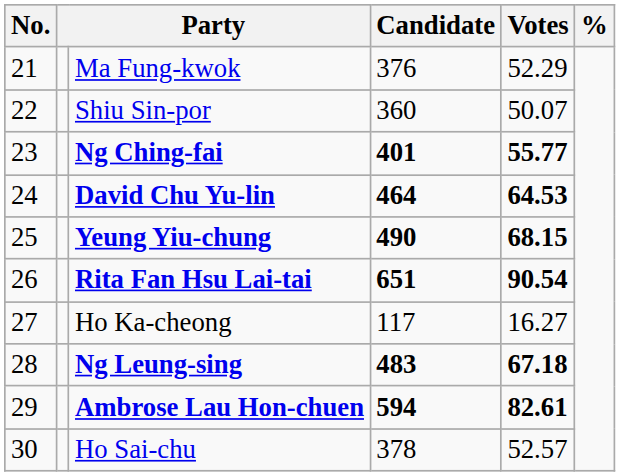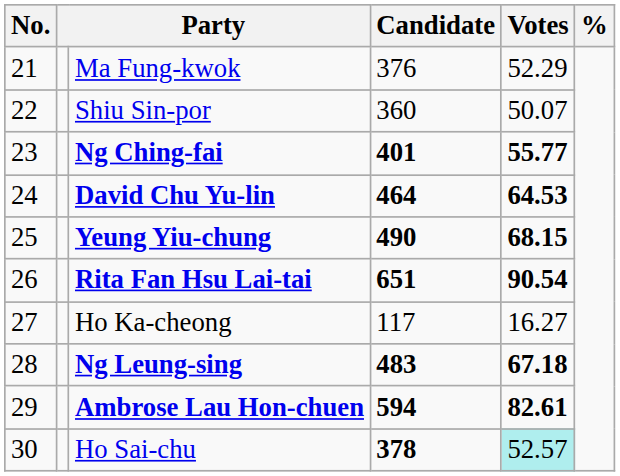 <table class="wikitable sortable">
 <tr>
 <th>No.</th>
 <th colspan=2>Party</th>
 <th>Candidate</th>
 <th>Votes</th>
 <th>%</th>
 </tr>
 <tr>
 <td>21</td>
 <td></td>
 <td><a href='#'>Ma Fung-kwok</a></td>
 <td>376</td>
 <td>52.29</td>
 </tr>
 <tr>
 <td>22</td>
 <td></td>
 <td><a href='#'>Shiu Sin-por</a></td>
 <td>360</td>
 <td>50.07</td>
 </tr>
 <tr>
 <td>23</td>
 <td></td>
 <td><strong><a href='#'>Ng Ching-fai</a></strong></td>
 <td><strong>401</strong></td>
 <td><strong>55.77</strong></td>
 </tr>
 <tr>
 <td>24</td>
 <td></td>
 <td><strong><a href='#'>David Chu Yu-lin</a></strong></td>
 <td><strong>464</strong></td>
 <td><strong>64.53</strong></td>
 </tr>
 <tr>
 <td>25</td>
 <td></td>
 <td><strong><a href='#'>Yeung Yiu-chung</a></strong></td>
 <td><strong>490</strong></td>
 <td><strong>68.15</strong></td>
 </tr>
 <tr>
 <td>26</td>
 <td></td>
 <td><strong><a href='#'>Rita Fan Hsu Lai-tai</a></strong></td>
 <td><strong>651</strong></td>
 <td><strong>90.54</strong></td>
 </tr>
 <tr>
 <td>27</td>
 <td></td>
 <td>Ho Ka-cheong</td>
 <td>117</td>
 <td>16.27</td>
 </tr>
 <tr>
 <td>28</td>
 <td></td>
 <td><strong><a href='#'>Ng Leung-sing</a></strong></td>
 <td><strong>483</strong></td>
 <td><strong>67.18</strong></td>
 </tr>
 <tr>
 <td>29</td>
 <td></td>
 <td><strong><a href='#'>Ambrose Lau Hon-chuen</a></strong></td>
 <td><strong>594</strong></td>
 <td><strong>82.61</strong></td>
 </tr>
 <tr>
 <td>30</td>
 <td></td>
 <td><a href='#'>Ho Sai-chu</a></td>
-<td>378</td>
-<td>52.57</td>
+<td><strong>378</strong></td>
+<td style="background: paleturquoise;">52.57</td>
 </tr>
 </table>
